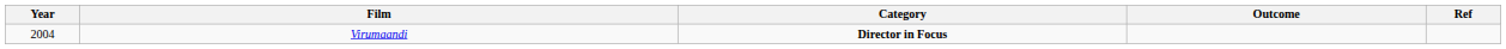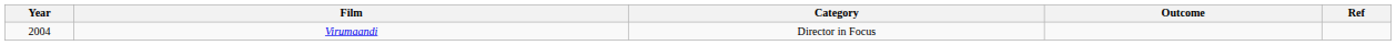 <table class="wikitable" style="width:100%;">
 <tr>
 <th width=5%>Year</th>
 <th style="width:40%;">Film</th>
 <th style="width:30%;">Category</th>
 <th style="width:20%;">Outcome</th>
 <th style="width:5%;">Ref</th>
 </tr>
 <tr>
 <td rowspan="2" style="text-align:center;">2004</td>
 <td rowspan="2" style="text-align:center;"><em><a href='#'>Virumaandi</a></em></td>
-<td style="text-align:center;"><strong>Director in Focus</strong></td>
+<td style="text-align:center;">Director in Focus</td>
 <td></td>
 <td></td>
 </tr>
 </table>
